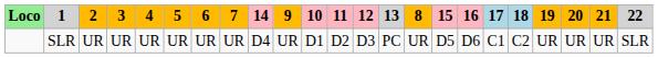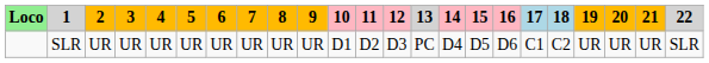 <table class="wikitable plainrowheaders unsortable" style="text-align:center">
 <tr>
 <th style="background:lightgreen;">Loco</th>
 <th style="background:lightgrey;">1</th>
 <th style="background:#FFBA01;">2</th>
 <th style="background:#FFBA01;">3</th>
 <th style="background:#FFBA01;">4</th>
 <th style="background:#FFBA01;">5</th>
 <th style="background:#FFBA01;">6</th>
 <th style="background:#FFBA01;">7</th>
-<th style="background:lightpink;">14</th>
+<th style="background:#FFBA01;">8</th>
 <th style="background:#FFBA01;">9</th>
 <th style="background:lightpink;">10</th>
 <th style="background:lightpink;">11</th>
 <th style="background:lightpink;">12</th>
 <th style="background:lightgrey;">13</th>
-<th style="background:#FFBA01;">8</th>
+<th style="background:lightpink;">14</th>
 <th style="background:lightpink;">15</th>
 <th style="background:lightpink;">16</th>
 <th style="background:lightblue;">17</th>
 <th style="background:lightblue;">18</th>
 <th style="background:#FFBA01;">19</th>
 <th style="background:#FFBA01;">20</th>
 <th style="background:#FFBA01;">21</th>
 <th style="background:lightgrey;">22</th>
 </tr>
 <tr>
 <td></td>
 <td>SLR</td>
 <td>UR</td>
 <td>UR</td>
 <td>UR</td>
 <td>UR</td>
 <td>UR</td>
 <td>UR</td>
-<td>D4</td>
+<td>UR</td>
 <td>UR</td>
 <td>D1</td>
 <td>D2</td>
 <td>D3</td>
 <td>PC</td>
-<td>UR</td>
+<td>D4</td>
 <td>D5</td>
 <td>D6</td>
 <td>C1</td>
 <td>C2</td>
 <td>UR</td>
 <td>UR</td>
 <td>UR</td>
 <td>SLR</td>
 </tr>
 </table>
